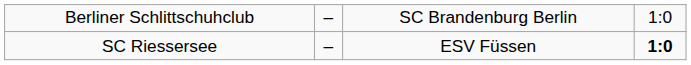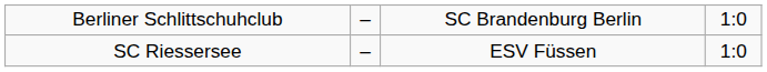 <table class="wikitable" width="50%">
 <tr align="center">
 <td>Berliner Schlittschuhclub</td>
 <td>–</td>
 <td>SC Brandenburg Berlin</td>
 <td>1:0</td>
 </tr>
 <tr align="center">
 <td>SC Riessersee</td>
 <td>–</td>
 <td>ESV Füssen</td>
-<td><strong>1:0</strong></td>
+<td>1:0</td>
 </tr>
 </table>
